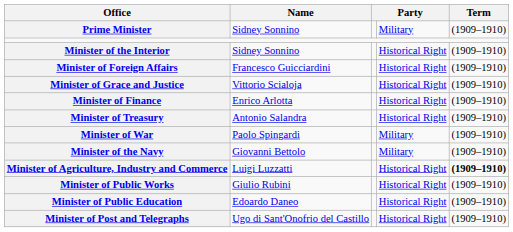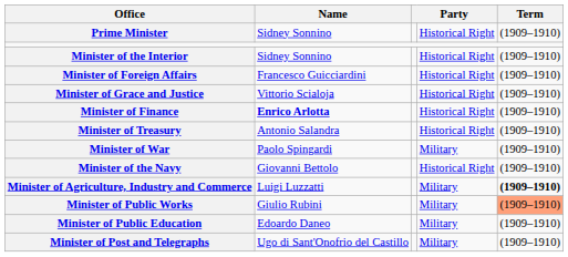 <table class="wikitable" style="font-size: 100%;">
 <tr>
 <th>Office</th>
 <th>Name</th>
 <th colspan=2>Party</th>
 <th>Term</th>
 </tr>
 <tr>
 <th><a href='#'>Prime Minister</a></th>
 <td><a href='#'>Sidney Sonnino</a></td>
 <td style="color:inherit;background:"></td>
-<td><a href='#'>Military</a></td>
+<td><a href='#'>Historical Right</a></td>
 <td>(1909–1910)</td>
 </tr>
 <tr>
 <td colspan=6></td>
 </tr>
 <tr>
 <th><a href='#'>Minister of the Interior</a></th>
 <td><a href='#'>Sidney Sonnino</a></td>
 <td style="color:inherit;background:"></td>
 <td><a href='#'>Historical Right</a></td>
 <td>(1909–1910)</td>
 </tr>
 <tr>
 <th><a href='#'>Minister of Foreign Affairs</a></th>
 <td><a href='#'>Francesco Guicciardini</a></td>
 <td style="color:inherit;background:"></td>
 <td><a href='#'>Historical Right</a></td>
 <td>(1909–1910)</td>
 </tr>
 <tr>
 <th><a href='#'>Minister of Grace and Justice</a></th>
 <td><a href='#'>Vittorio Scialoja</a></td>
 <td style="color:inherit;background:"></td>
 <td><a href='#'>Historical Right</a></td>
 <td>(1909–1910)</td>
 </tr>
 <tr>
 <th><a href='#'>Minister of Finance</a></th>
-<td><a href='#'>Enrico Arlotta</a></td>
+<td><strong><a href='#'>Enrico Arlotta</a></strong></td>
 <td style="color:inherit;background:"></td>
 <td><a href='#'>Historical Right</a></td>
 <td>(1909–1910)</td>
 </tr>
 <tr>
 <th><a href='#'>Minister of Treasury</a></th>
 <td><a href='#'>Antonio Salandra</a></td>
 <td style="color:inherit;background:"></td>
 <td><a href='#'>Historical Right</a></td>
 <td>(1909–1910)</td>
 </tr>
 <tr>
 <th><a href='#'>Minister of War</a></th>
 <td><a href='#'>Paolo Spingardi</a></td>
 <td style="color:inherit;background:"></td>
 <td><a href='#'>Military</a></td>
 <td>(1909–1910)</td>
 </tr>
 <tr>
 <th><a href='#'>Minister of the Navy</a></th>
 <td><a href='#'>Giovanni Bettolo</a></td>
 <td style="color:inherit;background:"></td>
-<td><a href='#'>Military</a></td>
+<td><a href='#'>Historical Right</a></td>
 <td>(1909–1910)</td>
 </tr>
 <tr>
 <th><a href='#'>Minister of Agriculture, Industry and Commerce</a></th>
 <td><a href='#'>Luigi Luzzatti</a></td>
 <td style="color:inherit;background:"></td>
-<td><a href='#'>Historical Right</a></td>
+<td><a href='#'>Military</a></td>
 <td><strong>(1909–1910)</strong></td>
 </tr>
 <tr>
 <th><a href='#'>Minister of Public Works</a></th>
 <td><a href='#'>Giulio Rubini</a></td>
 <td style="color:inherit;background:"></td>
-<td><a href='#'>Historical Right</a></td>
-<td>(1909–1910)</td>
+<td><a href='#'>Military</a></td>
+<td style="background: lightsalmon;">(1909–1910)</td>
 </tr>
 <tr>
 <th><a href='#'>Minister of Public Education</a></th>
 <td><a href='#'>Edoardo Daneo</a></td>
 <td style="color:inherit;background:"></td>
-<td><a href='#'>Historical Right</a></td>
+<td><a href='#'>Military</a></td>
 <td>(1909–1910)</td>
 </tr>
 <tr>
 <th><a href='#'>Minister of Post and Telegraphs</a></th>
 <td><a href='#'>Ugo di Sant'Onofrio del Castillo</a></td>
 <td style="color:inherit;background:"></td>
-<td><a href='#'>Historical Right</a></td>
+<td><a href='#'>Military</a></td>
 <td>(1909–1910)</td>
 </tr>
 </table>
